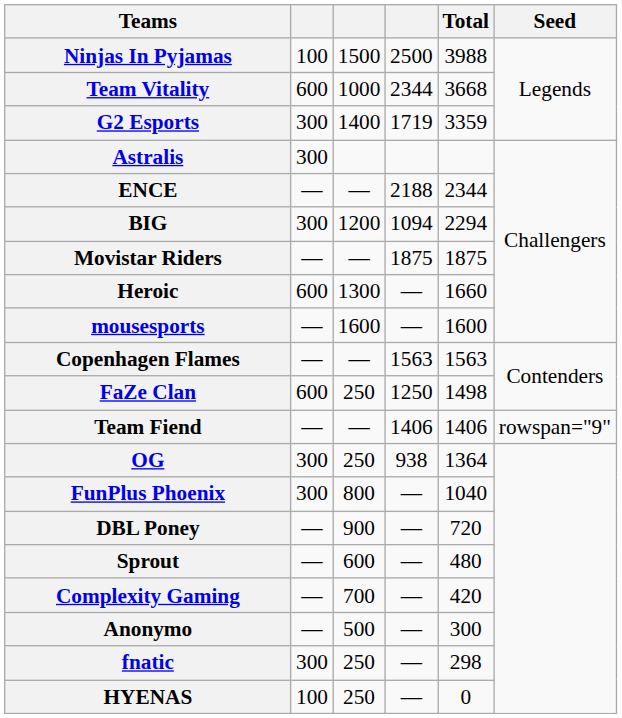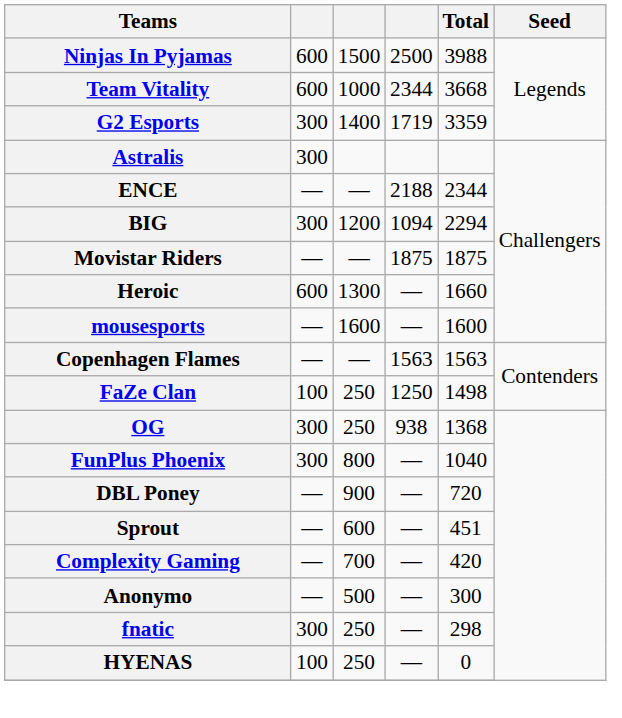 <table class="wikitable plainrowheaders" style="text-align:center;">
 <tr>
 <th scope="col" style="width:13em;">Teams</th>
 <th scope="col"></th>
 <th scope="col"></th>
 <th scope="col"></th>
 <th scope="col">Total</th>
 <th scope="col">Seed</th>
 </tr>
 <tr>
 <th scope="row"><a href='#'>Ninjas In Pyjamas</a></th>
-<td>100</td>
+<td>600</td>
 <td>1500</td>
 <td>2500</td>
 <td>3988</td>
 <td rowspan="3">Legends</td>
 </tr>
 <tr>
 <th scope="row"><a href='#'>Team Vitality</a></th>
 <td>600</td>
 <td>1000</td>
 <td>2344</td>
 <td>3668</td>
 </tr>
 <tr>
 <th scope="row"><a href='#'>G2 Esports</a></th>
 <td>300</td>
 <td>1400</td>
 <td>1719</td>
 <td>3359</td>
 </tr>
 <tr>
 <th scope="row"><a href='#'>Astralis</a></th>
 <td>300</td>
 <td></td>
 <td></td>
 <td></td>
 <td rowspan="6">Challengers</td>
 </tr>
 <tr>
 <th scope="row">ENCE</th>
 <td>—</td>
 <td>—</td>
 <td>2188</td>
 <td>2344</td>
 </tr>
 <tr>
 <th scope="row">BIG</th>
 <td>300</td>
 <td>1200</td>
 <td>1094</td>
 <td>2294</td>
 </tr>
 <tr>
 <th scope="row">Movistar Riders</th>
 <td>—</td>
 <td>—</td>
 <td>1875</td>
 <td>1875</td>
 </tr>
 <tr>
 <th scope="row">Heroic</th>
 <td>600</td>
 <td>1300</td>
 <td>—</td>
 <td>1660</td>
 </tr>
 <tr>
 <th scope="row"><a href='#'>mousesports</a></th>
 <td>—</td>
 <td>1600</td>
 <td>—</td>
 <td>1600</td>
 </tr>
 <tr>
 <th scope="row">Copenhagen Flames</th>
 <td>—</td>
 <td>—</td>
 <td>1563</td>
 <td>1563</td>
 <td rowspan="2">Contenders</td>
 </tr>
 <tr>
 <th scope="row"><a href='#'>FaZe Clan</a></th>
-<td>600</td>
+<td>100</td>
 <td>250</td>
 <td>1250</td>
 <td>1498</td>
-</tr>
-<tr>
-<th scope="row">Team Fiend</th>
-<td>—</td>
-<td>—</td>
-<td>1406</td>
-<td>1406</td>
-<td>rowspan="9" </td>
 </tr>
 <tr>
 <th scope="row"><a href='#'>OG</a></th>
 <td>300</td>
 <td>250</td>
 <td>938</td>
-<td>1364</td>
+<td>1368</td>
 </tr>
 <tr>
 <th scope="row"><a href='#'>FunPlus Phoenix</a></th>
 <td>300</td>
 <td>800</td>
 <td>—</td>
 <td>1040</td>
 </tr>
 <tr>
 <th scope="row">DBL Poney</th>
 <td>—</td>
 <td>900</td>
 <td>—</td>
 <td>720</td>
 </tr>
 <tr>
 <th scope="row">Sprout</th>
 <td>—</td>
 <td>600</td>
 <td>—</td>
-<td>480</td>
+<td>451</td>
 </tr>
 <tr>
 <th scope="row"><a href='#'>Complexity Gaming</a></th>
 <td>—</td>
 <td>700</td>
 <td>—</td>
 <td>420</td>
 </tr>
 <tr>
 <th scope="row">Anonymo</th>
 <td>—</td>
 <td>500</td>
 <td>—</td>
 <td>300</td>
 </tr>
 <tr>
 <th scope="row"><a href='#'>fnatic</a></th>
 <td>300</td>
 <td>250</td>
 <td>—</td>
 <td>298</td>
 </tr>
 <tr>
 <th scope="row">HYENAS</th>
 <td>100</td>
 <td>250</td>
 <td>—</td>
 <td>0</td>
 </tr>
 <tr>
 </tr>
 </table>
